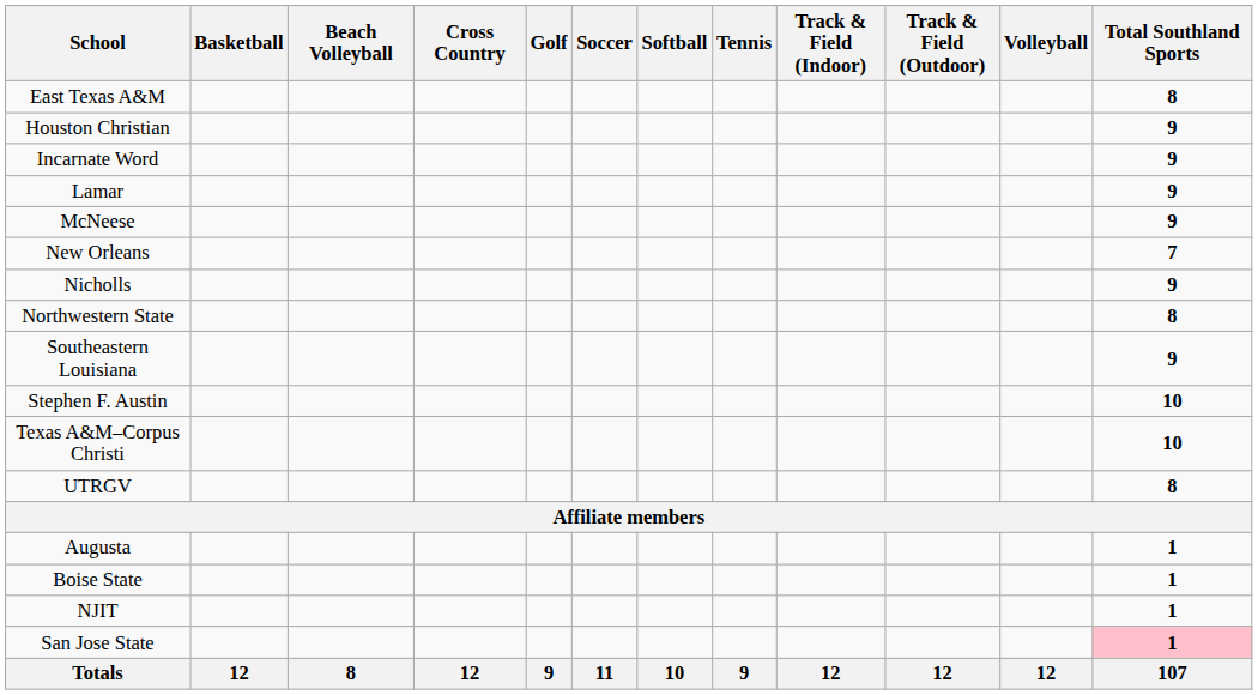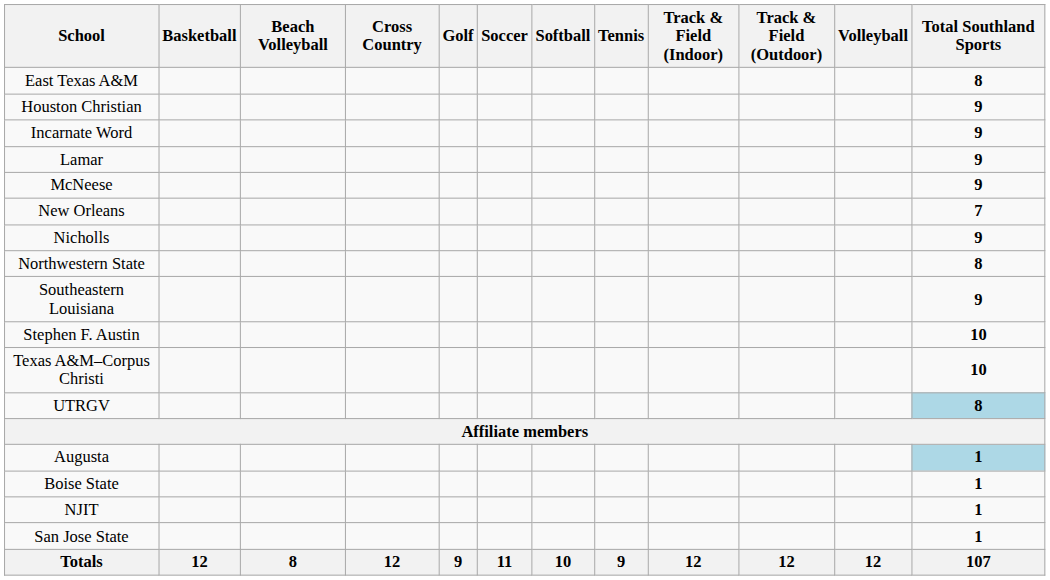 <table class="wikitable" style="text-align:center; width:80%">
 <tr>
 <th>School</th>
 <th>Basketball</th>
 <th>Beach Volleyball</th>
 <th>Cross Country</th>
 <th>Golf</th>
 <th>Soccer</th>
 <th>Softball</th>
 <th>Tennis</th>
 <th>Track & Field<br>(Indoor)</th>
 <th>Track & Field<br>(Outdoor)</th>
 <th>Volleyball</th>
 <th>Total Southland Sports</th>
 </tr>
 <tr>
 <td>East Texas A&M</td>
 <td></td>
 <td></td>
 <td></td>
 <td></td>
 <td></td>
 <td></td>
 <td></td>
 <td></td>
 <td></td>
 <td></td>
 <td><strong>8</strong></td>
 </tr>
 <tr>
 <td>Houston Christian</td>
 <td></td>
 <td></td>
 <td></td>
 <td></td>
 <td></td>
 <td></td>
 <td></td>
 <td></td>
 <td></td>
 <td></td>
 <td><strong>9</strong></td>
 </tr>
 <tr>
 <td>Incarnate Word</td>
 <td></td>
 <td></td>
 <td></td>
 <td></td>
 <td></td>
 <td></td>
 <td></td>
 <td></td>
 <td></td>
 <td></td>
 <td><strong>9</strong></td>
 </tr>
 <tr>
 <td>Lamar</td>
 <td></td>
 <td></td>
 <td></td>
 <td></td>
 <td></td>
 <td></td>
 <td></td>
 <td></td>
 <td></td>
 <td></td>
 <td><strong>9</strong></td>
 </tr>
 <tr>
 <td>McNeese</td>
 <td></td>
 <td></td>
 <td></td>
 <td></td>
 <td></td>
 <td></td>
 <td></td>
 <td></td>
 <td></td>
 <td></td>
 <td><strong>9</strong></td>
 </tr>
 <tr>
 <td>New Orleans</td>
 <td></td>
 <td></td>
 <td></td>
 <td></td>
 <td></td>
 <td></td>
 <td></td>
 <td></td>
 <td></td>
 <td></td>
 <td><strong>7</strong></td>
 </tr>
 <tr>
 <td>Nicholls</td>
 <td></td>
 <td></td>
 <td></td>
 <td></td>
 <td></td>
 <td></td>
 <td></td>
 <td></td>
 <td></td>
 <td></td>
 <td><strong>9</strong></td>
 </tr>
 <tr>
 <td>Northwestern State</td>
 <td></td>
 <td></td>
 <td></td>
 <td></td>
 <td></td>
 <td></td>
 <td></td>
 <td></td>
 <td></td>
 <td></td>
 <td><strong>8</strong></td>
 </tr>
 <tr>
 <td>Southeastern Louisiana</td>
 <td></td>
 <td></td>
 <td></td>
 <td></td>
 <td></td>
 <td></td>
 <td></td>
 <td></td>
 <td></td>
 <td></td>
 <td><strong>9</strong></td>
 </tr>
 <tr>
 <td>Stephen F. Austin</td>
 <td></td>
 <td></td>
 <td></td>
 <td></td>
 <td></td>
 <td></td>
 <td></td>
 <td></td>
 <td></td>
 <td></td>
 <td><strong>10</strong></td>
 </tr>
 <tr>
 <td>Texas A&M–Corpus Christi</td>
 <td></td>
 <td></td>
 <td></td>
 <td></td>
 <td></td>
 <td></td>
 <td></td>
 <td></td>
 <td></td>
 <td></td>
 <td><strong>10</strong></td>
 </tr>
 <tr>
 <td>UTRGV</td>
 <td></td>
 <td></td>
 <td></td>
 <td></td>
 <td></td>
 <td></td>
 <td></td>
 <td></td>
 <td></td>
 <td></td>
-<td><strong>8</strong><br></td>
+<td style="background: lightblue;"><strong>8</strong><br></td>
 </tr>
 <tr>
 <th colspan=12 align=center>Affiliate members</th>
 </tr>
 <tr>
 <td>Augusta</td>
 <td></td>
 <td></td>
 <td></td>
 <td></td>
 <td></td>
 <td></td>
 <td></td>
 <td></td>
 <td></td>
 <td></td>
-<td><strong>1</strong></td>
+<td style="background: lightblue;"><strong>1</strong></td>
 </tr>
 <tr>
 <td>Boise State</td>
 <td></td>
 <td></td>
 <td></td>
 <td></td>
 <td></td>
 <td></td>
 <td></td>
 <td></td>
 <td></td>
 <td></td>
 <td><strong>1</strong></td>
 </tr>
 <tr>
 <td>NJIT</td>
 <td></td>
 <td></td>
 <td></td>
 <td></td>
 <td></td>
 <td></td>
 <td></td>
 <td></td>
 <td></td>
 <td></td>
 <td><strong>1</strong></td>
 </tr>
 <tr>
 <td>San Jose State</td>
 <td></td>
 <td></td>
 <td></td>
 <td></td>
 <td></td>
 <td></td>
 <td></td>
 <td></td>
 <td></td>
 <td></td>
-<td style="background: pink;"><strong>1</strong></td>
+<td><strong>1</strong></td>
 </tr>
 <tr>
 <th>Totals</th>
 <th>12</th>
 <th>8</th>
 <th>12</th>
 <th>9</th>
 <th>11</th>
 <th>10</th>
 <th>9</th>
 <th>12</th>
 <th>12</th>
 <th>12</th>
 <th>107</th>
 </tr>
 </table>
